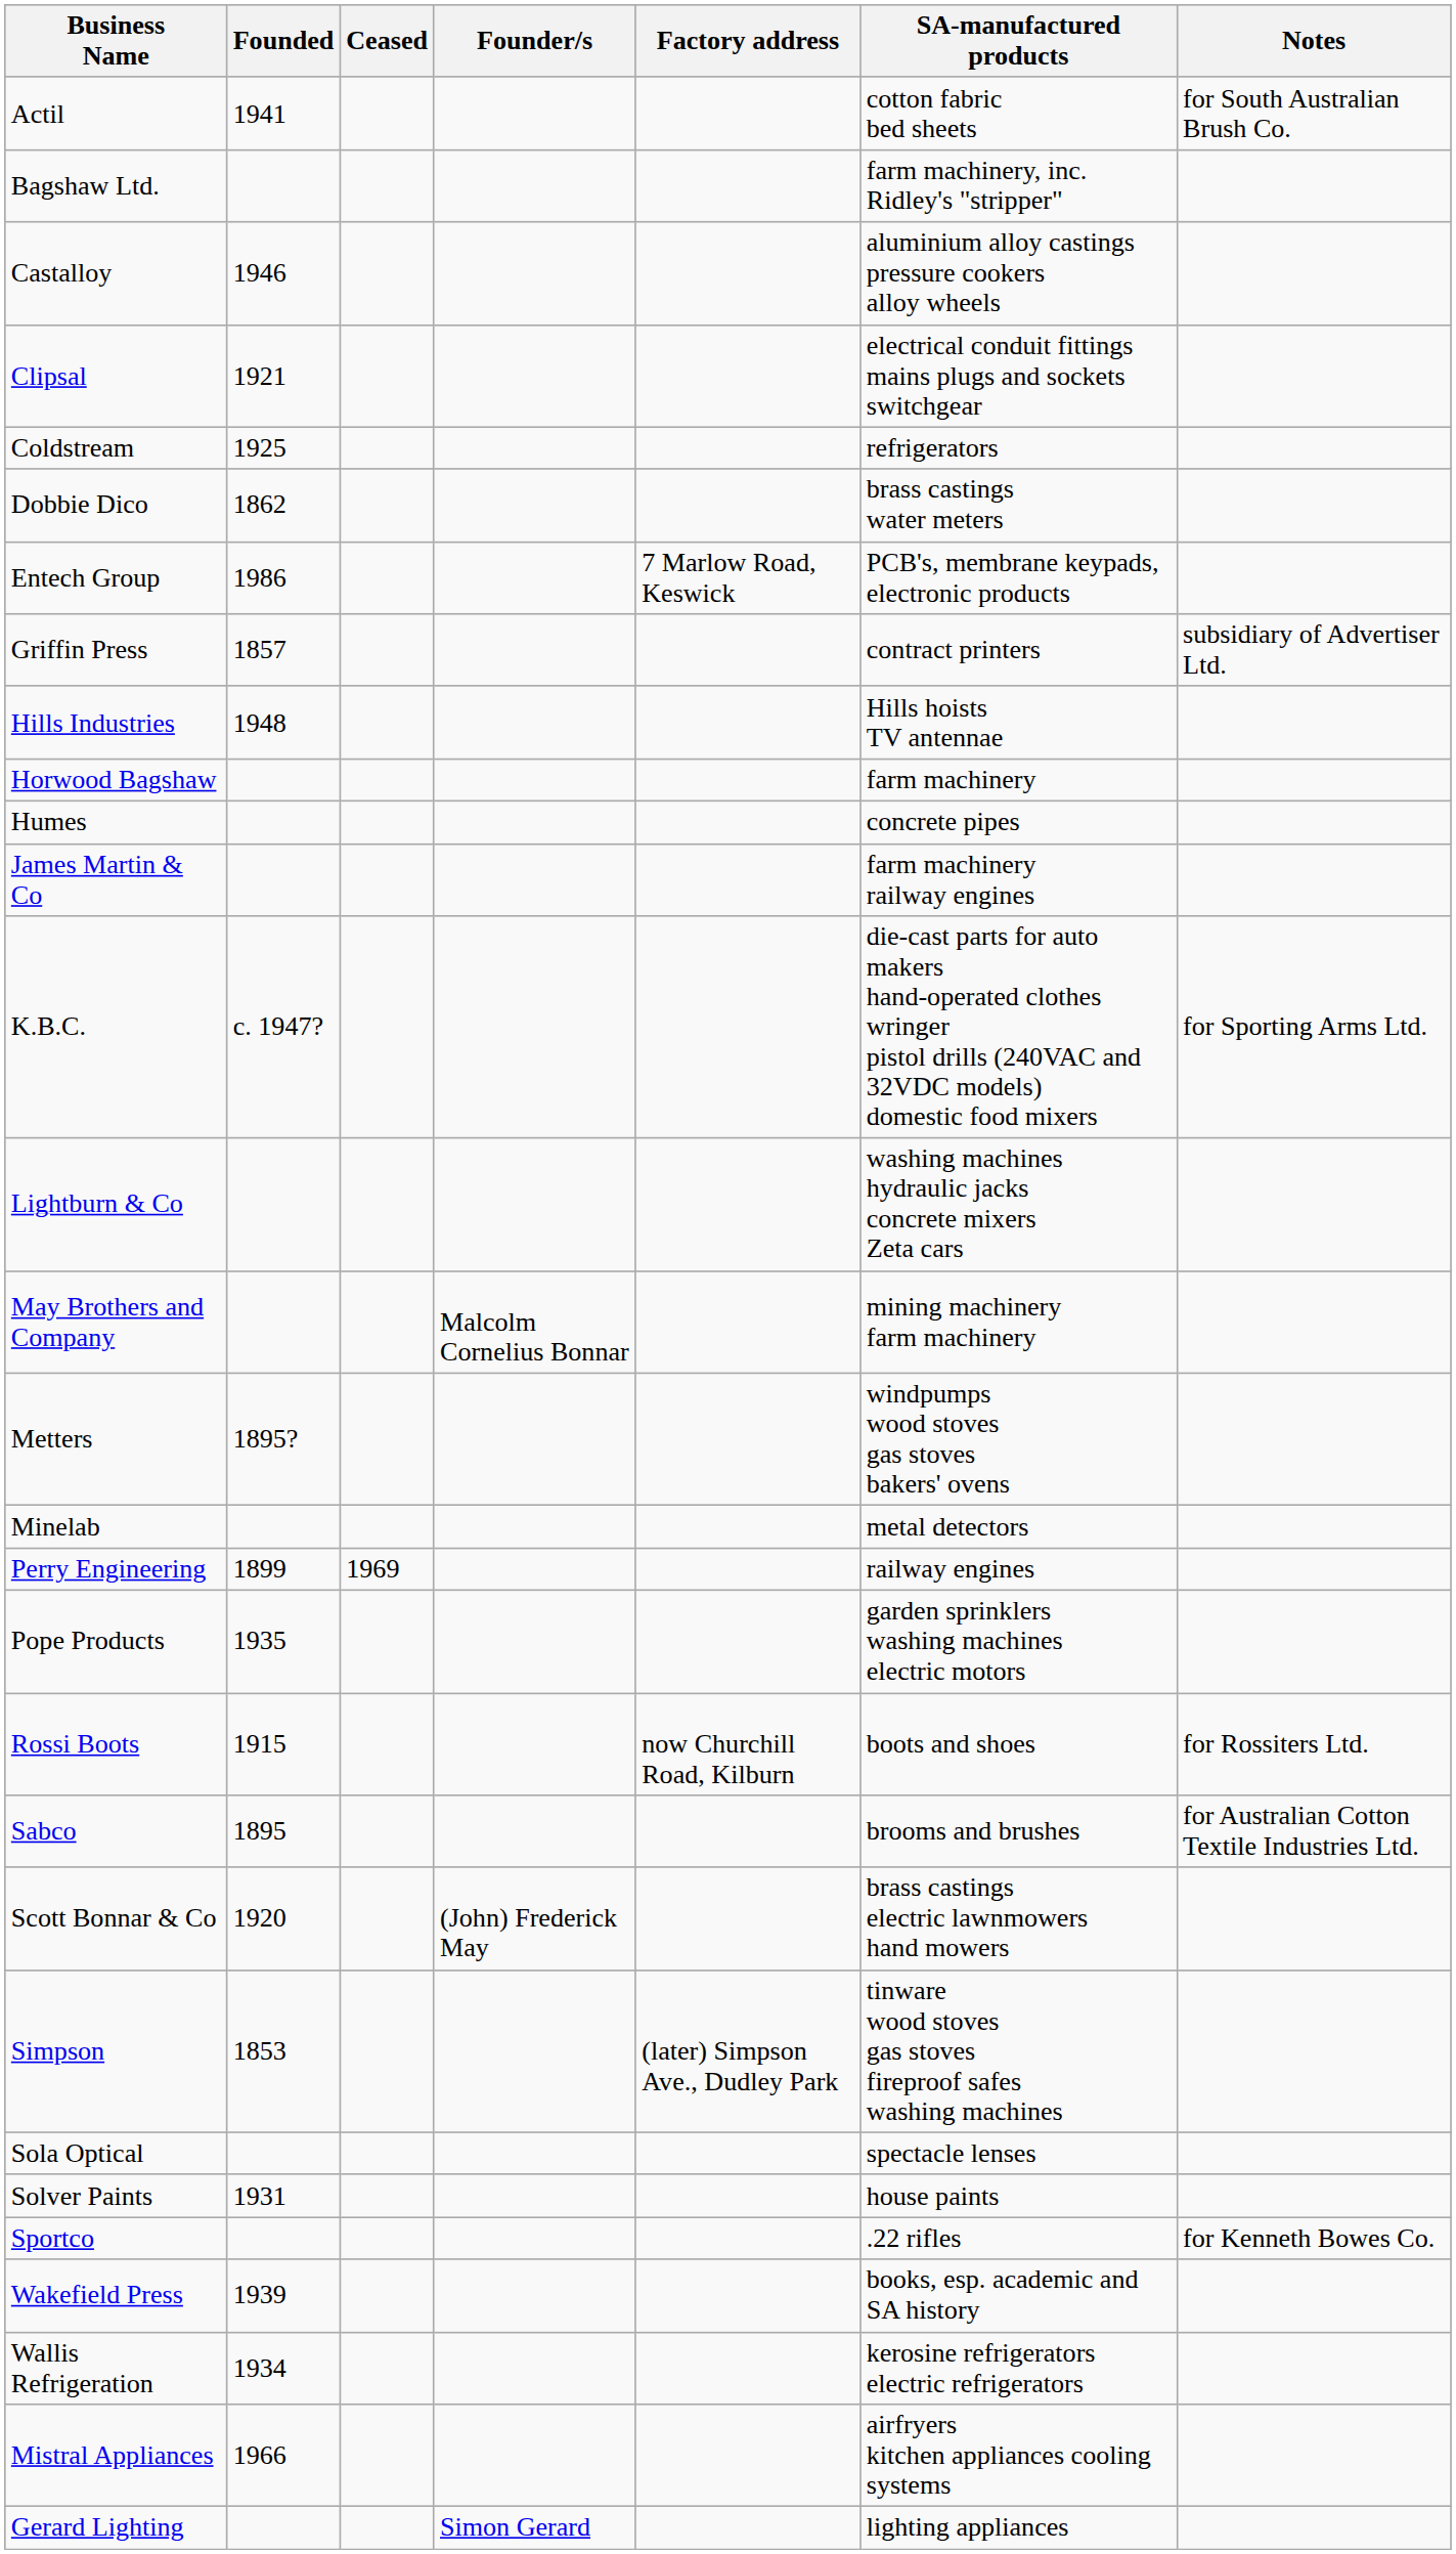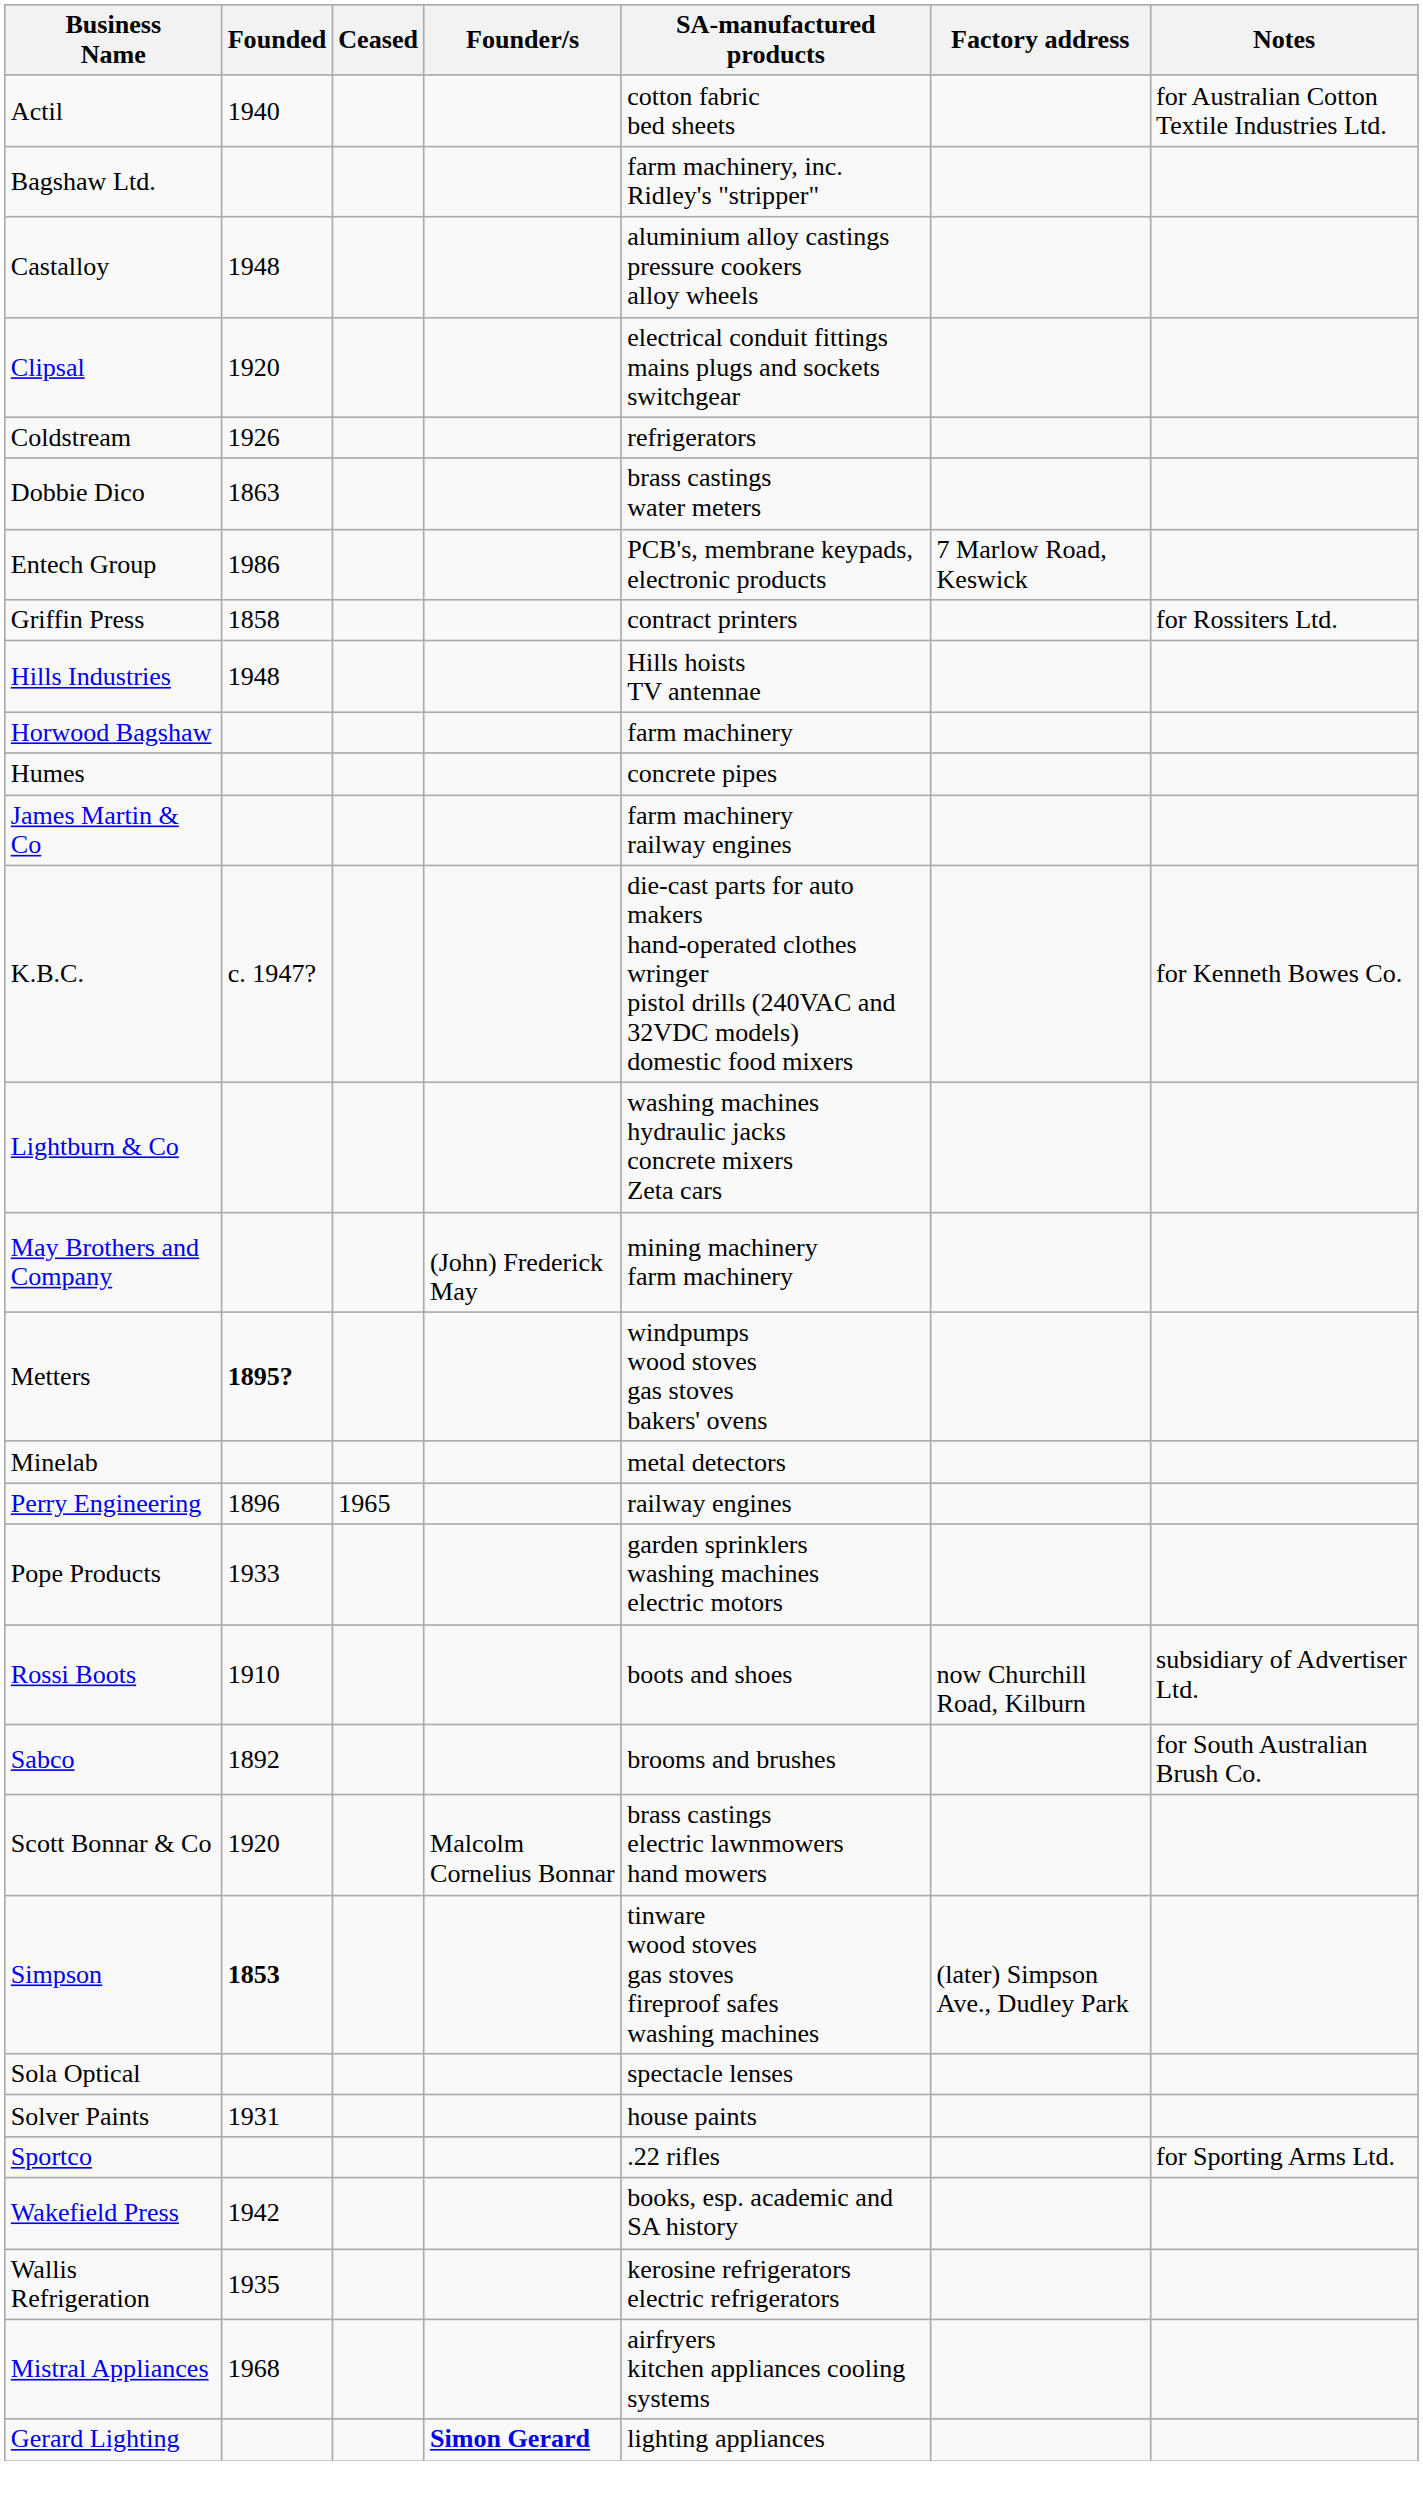 <table class="wikitable sortable">
 <tr>
 <th>Business<br>Name</th>
 <th>Founded</th>
 <th>Ceased</th>
 <th>Founder/s</th>
+<th>SA-manufactured products</th>
 <th>Factory address</th>
-<th>SA-manufactured products</th>
 <th>Notes</th>
 </tr>
 <tr>
 <td>Actil</td>
-<td>1941</td>
-<td></td>
+<td>1940</td>
 <td></td>
 <td></td>
 <td>cotton fabric<br>bed sheets</td>
-<td>for South Australian Brush Co.</td>
+<td></td>
+<td>for Australian Cotton Textile Industries Ltd.</td>
 </tr>
 <tr>
 <td>Bagshaw Ltd.</td>
 <td></td>
 <td></td>
 <td></td>
+<td>farm machinery, inc. Ridley's "stripper"</td>
 <td></td>
-<td>farm machinery, inc. Ridley's "stripper"</td>
 <td></td>
 </tr>
 <tr>
 <td>Castalloy</td>
-<td>1946</td>
-<td></td>
+<td>1948</td>
 <td></td>
 <td></td>
 <td>aluminium alloy castings<br>pressure cookers<br>alloy wheels</td>
 <td></td>
+<td></td>
 </tr>
 <tr>
 <td><a href='#'>Clipsal</a></td>
-<td>1921</td>
-<td></td>
+<td>1920</td>
 <td></td>
 <td></td>
 <td>electrical conduit fittings<br>mains plugs and sockets<br>switchgear</td>
 <td></td>
+<td></td>
 </tr>
 <tr>
 <td>Coldstream</td>
-<td>1925</td>
-<td></td>
+<td>1926</td>
 <td></td>
 <td></td>
 <td>refrigerators</td>
 <td></td>
+<td></td>
 </tr>
 <tr>
 <td>Dobbie Dico</td>
-<td>1862</td>
-<td></td>
+<td>1863</td>
 <td></td>
 <td></td>
 <td>brass castings<br>water meters</td>
+<td></td>
 <td></td>
 </tr>
 <tr>
 <td>Entech Group</td>
 <td>1986</td>
 <td></td>
 <td></td>
+<td>PCB's, membrane keypads, electronic products</td>
 <td>7 Marlow Road, Keswick</td>
-<td>PCB's, membrane keypads, electronic products</td>
 <td></td>
 </tr>
 <tr>
 <td>Griffin Press</td>
-<td>1857</td>
-<td></td>
+<td>1858</td>
 <td></td>
 <td></td>
 <td>contract printers</td>
-<td>subsidiary of Advertiser Ltd.</td>
+<td></td>
+<td>for Rossiters Ltd.</td>
 </tr>
 <tr>
 <td><a href='#'>Hills Industries</a></td>
 <td>1948</td>
 <td></td>
 <td></td>
+<td>Hills hoists<br> TV antennae</td>
 <td></td>
-<td>Hills hoists<br> TV antennae</td>
 <td></td>
 </tr>
 <tr>
 <td><a href='#'>Horwood Bagshaw</a></td>
 <td></td>
 <td></td>
 <td></td>
+<td>farm machinery</td>
 <td></td>
-<td>farm machinery</td>
 <td></td>
 </tr>
 <tr>
 <td>Humes</td>
 <td></td>
 <td></td>
 <td></td>
+<td>concrete pipes</td>
 <td></td>
-<td>concrete pipes</td>
 <td></td>
 </tr>
 <tr>
 <td><a href='#'>James Martin & Co</a></td>
 <td></td>
 <td></td>
 <td></td>
+<td>farm machinery<br>railway engines</td>
 <td></td>
-<td>farm machinery<br>railway engines</td>
 <td></td>
 </tr>
 <tr>
 <td>K.B.C.</td>
 <td>c. 1947?</td>
 <td></td>
 <td></td>
+<td>die-cast parts for auto makers<br>hand-operated clothes wringer<br>pistol drills (240VAC and 32VDC models)<br>domestic food mixers</td>
 <td></td>
-<td>die-cast parts for auto makers<br>hand-operated clothes wringer<br>pistol drills (240VAC and 32VDC models)<br>domestic food mixers</td>
-<td>for Sporting Arms Ltd.</td>
+<td>for Kenneth Bowes Co.</td>
 </tr>
 <tr>
 <td><a href='#'>Lightburn & Co</a></td>
 <td></td>
 <td></td>
 <td></td>
+<td>washing machines<br>hydraulic jacks<br>concrete mixers<br>Zeta cars</td>
 <td></td>
-<td>washing machines<br>hydraulic jacks<br>concrete mixers<br>Zeta cars</td>
 <td></td>
 </tr>
 <tr>
 <td><a href='#'>May Brothers and Company</a></td>
 <td></td>
 <td></td>
-<td><br>Malcolm Cornelius Bonnar</td>
+<td><br>(John) Frederick May</td>
+<td>mining machinery<br>farm machinery</td>
 <td></td>
-<td>mining machinery<br>farm machinery</td>
 <td></td>
 </tr>
 <tr>
 <td>Metters</td>
-<td>1895?</td>
-<td></td>
+<td><strong>1895?</strong></td>
 <td></td>
 <td></td>
 <td>windpumps<br>wood stoves<br>gas stoves<br>bakers' ovens</td>
+<td></td>
 <td></td>
 </tr>
 <tr>
 <td>Minelab</td>
 <td></td>
 <td></td>
 <td></td>
+<td>metal detectors</td>
 <td></td>
-<td>metal detectors</td>
 <td></td>
 </tr>
 <tr>
 <td><a href='#'>Perry Engineering</a></td>
-<td>1899</td>
-<td>1969</td>
-<td></td>
+<td>1896</td>
+<td>1965</td>
 <td></td>
 <td>railway engines</td>
+<td></td>
 <td></td>
 </tr>
 <tr>
 <td>Pope Products</td>
-<td>1935</td>
-<td></td>
+<td>1933</td>
 <td></td>
 <td></td>
 <td>garden sprinklers<br>washing machines<br>electric motors</td>
 <td></td>
+<td></td>
 </tr>
 <tr>
 <td><a href='#'>Rossi Boots</a></td>
-<td>1915</td>
+<td>1910</td>
 <td></td>
 <td></td>
+<td>boots and shoes</td>
 <td><br>now Churchill Road, Kilburn</td>
-<td>boots and shoes</td>
-<td>for Rossiters Ltd.</td>
+<td>subsidiary of Advertiser Ltd.</td>
 </tr>
 <tr>
 <td><a href='#'>Sabco</a></td>
-<td>1895</td>
-<td></td>
+<td>1892</td>
 <td></td>
 <td></td>
 <td>brooms and brushes</td>
-<td>for Australian Cotton Textile Industries Ltd.</td>
+<td></td>
+<td>for South Australian Brush Co.</td>
 </tr>
 <tr>
 <td>Scott Bonnar & Co</td>
 <td>1920</td>
 <td></td>
-<td><br>(John) Frederick May</td>
+<td><br>Malcolm Cornelius Bonnar</td>
+<td>brass castings<br>electric lawnmowers<br>hand mowers</td>
 <td></td>
-<td>brass castings<br>electric lawnmowers<br>hand mowers</td>
 <td></td>
 </tr>
 <tr>
 <td><a href='#'>Simpson</a></td>
-<td>1853</td>
+<td><strong>1853</strong></td>
 <td></td>
 <td></td>
+<td>tinware<br>wood stoves<br>gas stoves<br>fireproof safes<br>washing machines</td>
 <td><br>(later) Simpson Ave., Dudley Park</td>
-<td>tinware<br>wood stoves<br>gas stoves<br>fireproof safes<br>washing machines</td>
 <td></td>
 </tr>
 <tr>
 <td>Sola Optical</td>
 <td></td>
 <td></td>
 <td></td>
+<td>spectacle lenses</td>
 <td></td>
-<td>spectacle lenses</td>
 <td></td>
 </tr>
 <tr>
 <td>Solver Paints</td>
 <td>1931</td>
 <td></td>
 <td></td>
+<td>house paints</td>
 <td></td>
-<td>house paints</td>
 <td></td>
 </tr>
 <tr>
 <td><a href='#'>Sportco</a></td>
 <td></td>
 <td></td>
 <td></td>
+<td>.22 rifles</td>
 <td></td>
-<td>.22 rifles</td>
-<td>for Kenneth Bowes Co.</td>
+<td>for Sporting Arms Ltd.</td>
 </tr>
 <tr>
 <td><a href='#'>Wakefield Press</a></td>
-<td>1939</td>
-<td></td>
+<td>1942</td>
 <td></td>
 <td></td>
 <td>books, esp. academic and SA history</td>
 <td></td>
+<td></td>
 </tr>
 <tr>
 <td>Wallis Refrigeration</td>
-<td>1934</td>
-<td></td>
+<td>1935</td>
 <td></td>
 <td></td>
 <td>kerosine refrigerators<br>electric refrigerators</td>
 <td></td>
+<td></td>
 </tr>
 <tr>
 <td><a href='#'>Mistral Appliances</a></td>
-<td>1966</td>
-<td></td>
+<td>1968</td>
 <td></td>
 <td></td>
 <td>airfryers<br>kitchen appliances cooling systems</td>
+<td></td>
 <td></td>
 </tr>
 <tr>
 <td><a href='#'>Gerard Lighting</a></td>
 <td></td>
 <td></td>
-<td><a href='#'>Simon Gerard</a></td>
+<td><strong><a href='#'>Simon Gerard</a></strong></td>
+<td>lighting appliances</td>
 <td></td>
-<td>lighting appliances</td>
 <td></td>
 </tr>
 </table>
